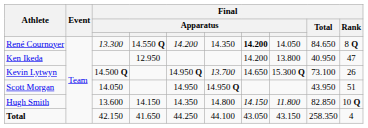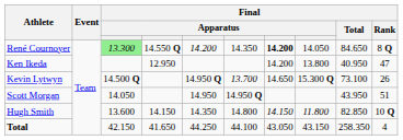 <table class="wikitable" style="font-size:90%">
 <tr>
 <th rowspan=3>Athlete</th>
 <th rowspan=3>Event</th>
 <th colspan =8>Final</th>
 </tr>
 <tr style="font-size:95%">
 <th colspan=6>Apparatus</th>
 <th rowspan=2>Total</th>
 <th rowspan=2>Rank</th>
 </tr>
 <tr style="font-size:95%">
 <th></th>
 <th></th>
 <th></th>
 <th></th>
 <th></th>
 <th></th>
 </tr>
 <tr align=center>
 <td align=left><a href='#'>René Cournoyer</a></td>
 <td style="text-align:left;" rowspan="6"><a href='#'>Team</a></td>
-<td><em>13.300</em></td>
+<td style="background: lightgreen;"><em>13.300</em></td>
 <td>14.550 <strong>Q</strong></td>
 <td><em>14.200</em></td>
 <td>14.350</td>
 <td><strong>14.200</strong></td>
 <td>14.050</td>
 <td>84.650</td>
 <td>8 <strong>Q</strong></td>
 </tr>
 <tr align=center>
 <td align=left><a href='#'>Ken Ikeda</a></td>
 <td></td>
 <td>12.950</td>
 <td></td>
 <td></td>
 <td>14.200</td>
 <td>13.800</td>
 <td>40.950</td>
 <td>47</td>
 </tr>
 <tr align=center>
 <td align=left><a href='#'>Kevin Lytwyn</a></td>
 <td>14.500 <strong>Q</strong></td>
 <td></td>
 <td>14.950 <strong>Q</strong></td>
 <td><em>13.700</em></td>
 <td>14.650</td>
 <td>15.300 <strong>Q</strong></td>
 <td>73.100</td>
 <td>26</td>
 </tr>
 <tr align=center>
 <td align=left><a href='#'>Scott Morgan</a></td>
 <td>14.050</td>
 <td></td>
 <td>14.950</td>
 <td>14.950 <strong>Q</strong></td>
 <td></td>
 <td></td>
 <td>43.950</td>
 <td>51</td>
 </tr>
 <tr align=center>
 <td align=left><a href='#'>Hugh Smith</a></td>
 <td>13.600</td>
 <td>14.150</td>
 <td>14.350</td>
 <td>14.800</td>
 <td><em>14.150</em></td>
 <td><em>11.800</em></td>
 <td>82.850</td>
 <td>10 <strong>Q</strong></td>
 </tr>
 <tr align=center>
 <td align=left><strong>Total</strong></td>
 <td>42.150</td>
 <td>41.650</td>
 <td>44.250</td>
 <td>44.100</td>
 <td>43.050</td>
 <td>43.150</td>
 <td>258.350</td>
 <td>4</td>
 </tr>
 </table>
